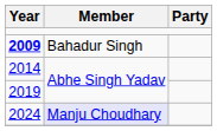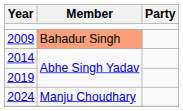 <table class="wikitable">
 <tr>
 <th>Year</th>
 <th>Member</th>
 <th colspan="2">Party</th>
 </tr>
 <tr>
 <td colspan=4></td>
 </tr>
 <tr>
-<td><strong><a href='#'>2009</a></strong></td>
-<td>Bahadur Singh</td>
+<td><a href='#'>2009</a></td>
+<td style="background: lightsalmon;">Bahadur Singh</td>
 <td></td>
 </tr>
 <tr>
 <td><a href='#'>2014</a></td>
 <td rowspan=2><a href='#'>Abhe Singh Yadav</a></td>
 <td></td>
 </tr>
 <tr>
 <td><a href='#'>2019</a></td>
 </tr>
 <tr>
 <td><a href='#'>2024</a></td>
-<td style="background: lavender;"><a href='#'>Manju Choudhary</a></td>
+<td><a href='#'>Manju Choudhary</a></td>
 <td></td>
 </tr>
 <tr>
 </tr>
 </table>
